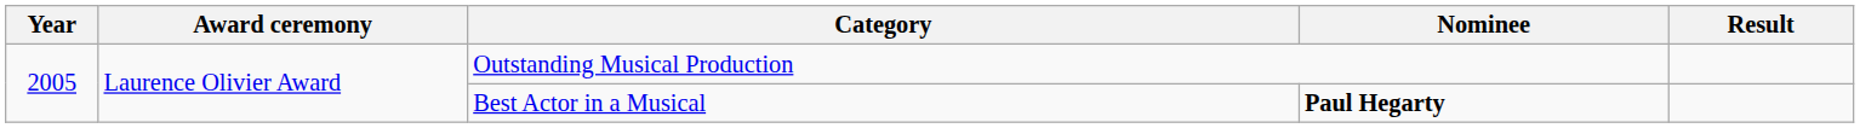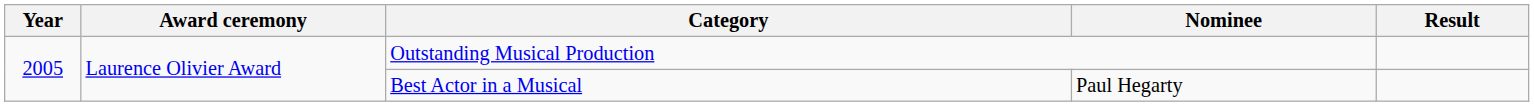 <table class="wikitable" width="95%">
 <tr>
 <th width="5%">Year</th>
 <th width="20%">Award ceremony</th>
 <th width="45%">Category</th>
 <th width="20%">Nominee</th>
 <th width="10%">Result</th>
 </tr>
 <tr>
 <td rowspan="3" align="center"><a href='#'>2005</a></td>
 <td rowspan="3"><a href='#'>Laurence Olivier Award</a></td>
 <td colspan="2"><a href='#'>Outstanding Musical Production</a></td>
 <td></td>
 </tr>
 <tr>
 <td><a href='#'>Best Actor in a Musical</a></td>
-<td><strong>Paul Hegarty</strong></td>
+<td>Paul Hegarty</td>
 <td></td>
 </tr>
 </table>
